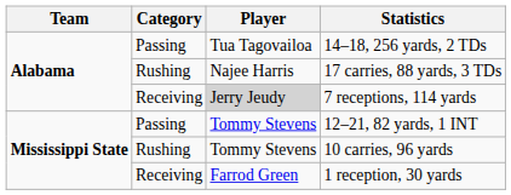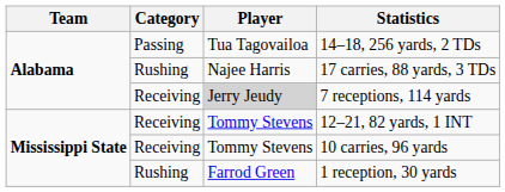 <table class="wikitable" style="float: right;">
 <tr>
 <th>Team</th>
 <th>Category</th>
 <th>Player</th>
 <th>Statistics</th>
 </tr>
 <tr>
 <td rowspan=3><strong>Alabama</strong></td>
 <td>Passing</td>
 <td>Tua Tagovailoa</td>
 <td>14–18, 256 yards, 2 TDs</td>
 </tr>
 <tr>
 <td>Rushing</td>
 <td>Najee Harris</td>
 <td>17 carries, 88 yards, 3 TDs</td>
 </tr>
 <tr>
 <td>Receiving</td>
 <td style="background: lightgrey;">Jerry Jeudy</td>
 <td>7 receptions, 114 yards</td>
 </tr>
 <tr>
 <td rowspan=3><strong>Mississippi State</strong></td>
-<td>Passing</td>
+<td>Receiving</td>
 <td><a href='#'>Tommy Stevens</a></td>
 <td>12–21, 82 yards, 1 INT</td>
 </tr>
 <tr>
-<td>Rushing</td>
+<td>Receiving</td>
 <td>Tommy Stevens</td>
 <td>10 carries, 96 yards</td>
 </tr>
 <tr>
-<td>Receiving</td>
+<td>Rushing</td>
 <td><a href='#'>Farrod Green</a></td>
 <td>1 reception, 30 yards</td>
 </tr>
 </table>
